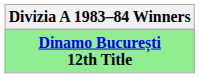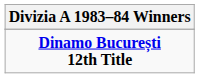 <table class="wikitable" style="text-align: center; margin: 0 auto;">
 <tr>
 <th>Divizia A 1983–84 Winners</th>
 </tr>
 <tr>
 </tr>
 <tr>
-<td style="background: lightgreen;"><strong><a href='#'>Dinamo București</a></strong><br><strong>12th Title</strong></td>
+<td><strong><a href='#'>Dinamo București</a></strong><br><strong>12th Title</strong></td>
 </tr>
 </table>
